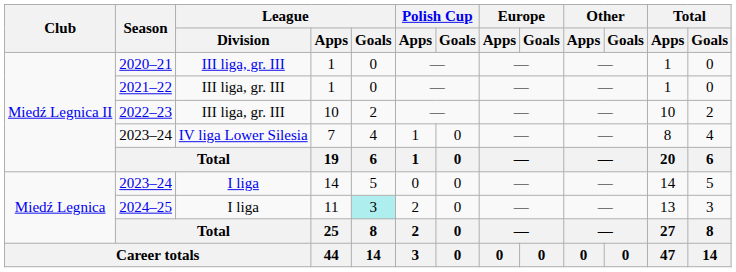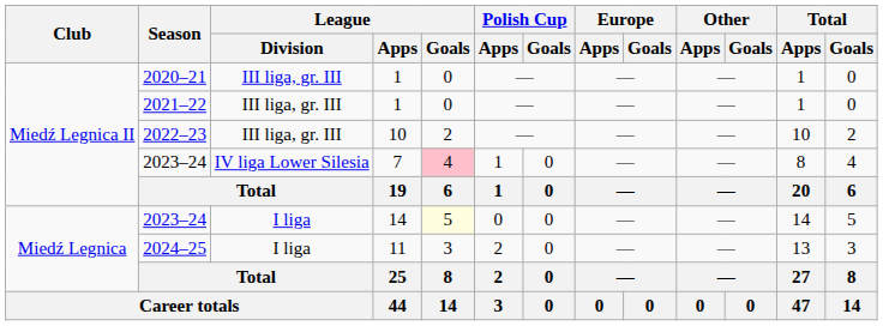 <table class="wikitable" style="text-align: center">
 <tr>
 <th rowspan="2">Club</th>
 <th rowspan="2">Season</th>
 <th colspan="3">League</th>
 <th colspan="2"><a href='#'>Polish Cup</a></th>
 <th colspan="2">Europe</th>
 <th colspan="2">Other</th>
 <th colspan="2">Total</th>
 </tr>
 <tr>
 <th>Division</th>
 <th>Apps</th>
 <th>Goals</th>
 <th>Apps</th>
 <th>Goals</th>
 <th>Apps</th>
 <th>Goals</th>
 <th>Apps</th>
 <th>Goals</th>
 <th>Apps</th>
 <th>Goals</th>
 </tr>
 <tr>
 <td rowspan="5"><a href='#'>Miedź Legnica II</a></td>
 <td><a href='#'>2020–21</a></td>
 <td><a href='#'>III liga, gr. III</a></td>
 <td>1</td>
 <td>0</td>
 <td colspan="2">—</td>
 <td colspan="2">—</td>
 <td colspan="2">—</td>
 <td>1</td>
 <td>0</td>
 </tr>
 <tr>
 <td><a href='#'>2021–22</a></td>
 <td>III liga, gr. III</td>
 <td>1</td>
 <td>0</td>
 <td colspan="2">—</td>
 <td colspan="2">—</td>
 <td colspan="2">—</td>
 <td>1</td>
 <td>0</td>
 </tr>
 <tr>
 <td><a href='#'>2022–23</a></td>
 <td>III liga, gr. III</td>
 <td>10</td>
 <td>2</td>
 <td colspan="2">—</td>
 <td colspan="2">—</td>
 <td colspan="2">—</td>
 <td>10</td>
 <td>2</td>
 </tr>
 <tr>
 <td>2023–24</td>
 <td><a href='#'>IV liga Lower Silesia</a></td>
 <td>7</td>
-<td>4</td>
+<td style="background: pink;">4</td>
 <td>1</td>
 <td>0</td>
 <td colspan="2">—</td>
 <td colspan="2">—</td>
 <td>8</td>
 <td>4</td>
 </tr>
 <tr>
 <th colspan="2">Total</th>
 <th>19</th>
 <th>6</th>
 <th>1</th>
 <th>0</th>
 <th colspan="2">—</th>
 <th colspan="2">—</th>
 <th>20</th>
 <th>6</th>
 </tr>
 <tr>
 <td rowspan="3"><a href='#'>Miedź Legnica</a></td>
 <td><a href='#'>2023–24</a></td>
 <td><a href='#'>I liga</a></td>
 <td>14</td>
-<td>5</td>
+<td style="background: lightyellow;">5</td>
 <td>0</td>
 <td>0</td>
 <td colspan="2">—</td>
 <td colspan="2">—</td>
 <td>14</td>
 <td>5</td>
 </tr>
 <tr>
 <td><a href='#'>2024–25</a></td>
 <td>I liga</td>
 <td>11</td>
-<td style="background: paleturquoise;">3</td>
+<td>3</td>
 <td>2</td>
 <td>0</td>
 <td colspan="2">—</td>
 <td colspan="2">—</td>
 <td>13</td>
 <td>3</td>
 </tr>
 <tr>
 <th colspan="2">Total</th>
 <th>25</th>
 <th>8</th>
 <th>2</th>
 <th>0</th>
 <th colspan="2">—</th>
 <th colspan="2">—</th>
 <th>27</th>
 <th>8</th>
 </tr>
 <tr>
 <th colspan="3">Career totals</th>
 <th>44</th>
 <th>14</th>
 <th>3</th>
 <th>0</th>
 <th>0</th>
 <th>0</th>
 <th>0</th>
 <th>0</th>
 <th>47</th>
 <th>14</th>
 </tr>
 </table>
